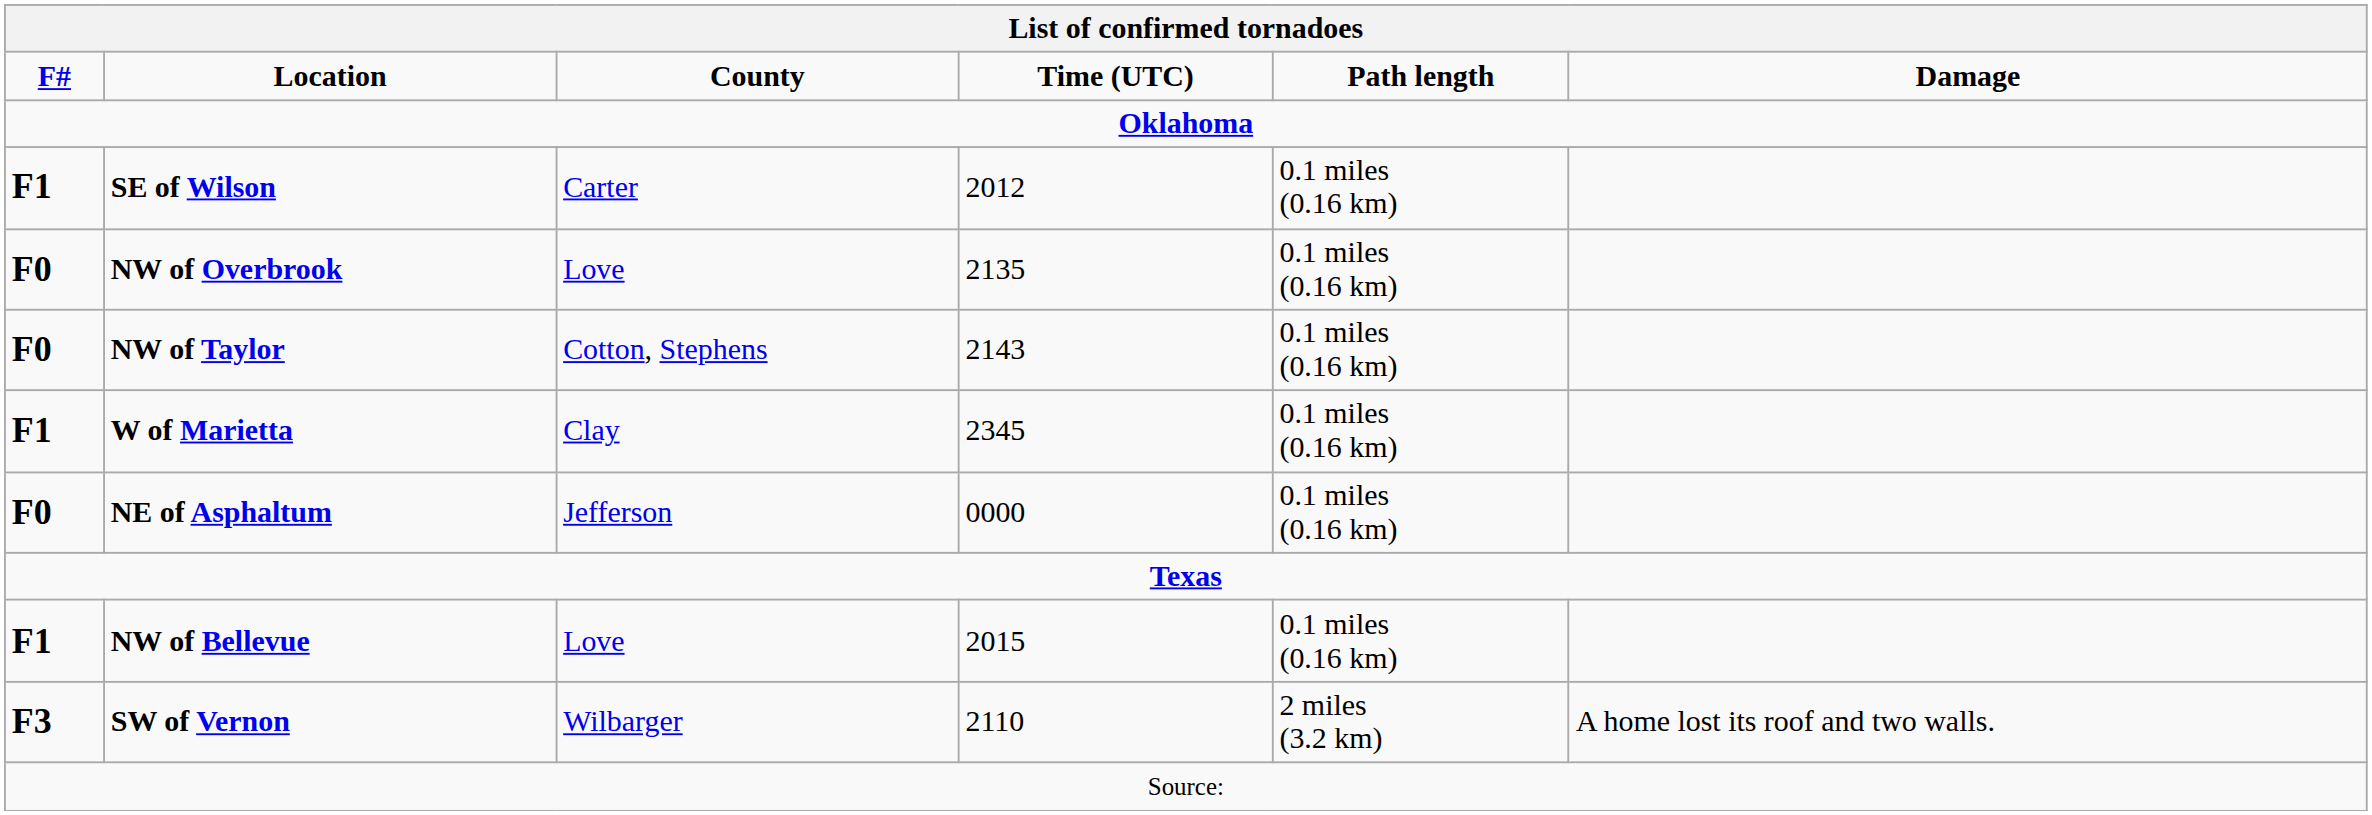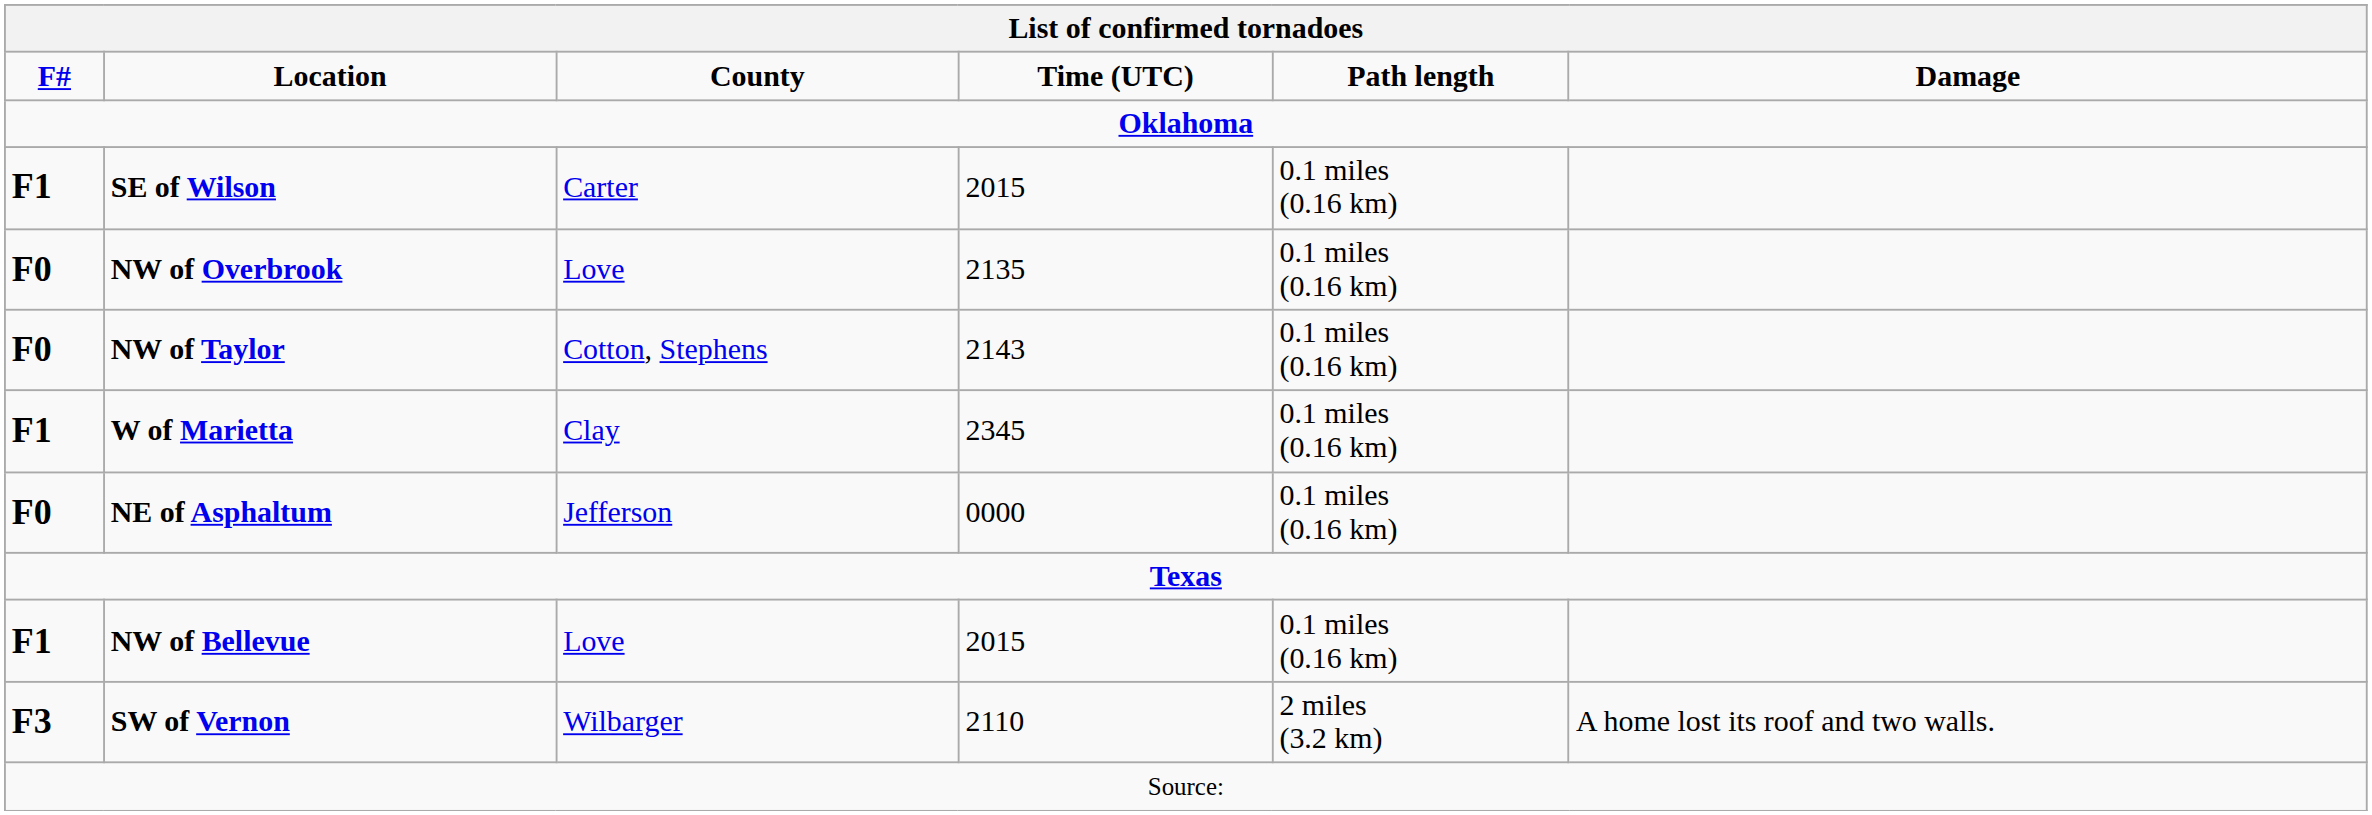 <table class="wikitable toccolours collapsible" style="width:100%;">
 <tr>
 <th colspan="6">List of confirmed tornadoes</th>
 </tr>
 <tr style="text-align:center;">
 <td><strong><a href='#'>F#</a></strong></td>
 <td><strong>Location</strong></td>
 <td><strong>County</strong></td>
 <td><strong>Time (UTC)</strong></td>
 <td><strong>Path length</strong></td>
 <td><strong>Damage</strong></td>
 </tr>
 <tr>
 <td colspan="7" style="text-align:center;"><strong><a href='#'>Oklahoma</a></strong></td>
 </tr>
 <tr>
 <td><big><strong>F1</strong></big></td>
 <td><strong>SE of <a href='#'>Wilson</a></strong></td>
 <td><a href='#'>Carter</a></td>
-<td>2012</td>
+<td>2015</td>
 <td>0.1 miles <br> (0.16 km)</td>
 <td></td>
 </tr>
 <tr>
 <td><big><strong>F0</strong></big></td>
 <td><strong>NW of <a href='#'>Overbrook</a></strong></td>
 <td><a href='#'>Love</a></td>
 <td>2135</td>
 <td>0.1 miles <br> (0.16 km)</td>
 <td></td>
 </tr>
 <tr>
 <td><big><strong>F0</strong></big></td>
 <td><strong>NW of <a href='#'>Taylor</a></strong></td>
 <td><a href='#'>Cotton</a>, <a href='#'>Stephens</a></td>
 <td>2143</td>
 <td>0.1 miles <br> (0.16 km)</td>
 <td></td>
 </tr>
 <tr>
 <td><big><strong>F1</strong></big></td>
 <td><strong>W of <a href='#'>Marietta</a></strong></td>
 <td><a href='#'>Clay</a></td>
 <td>2345</td>
 <td>0.1 miles <br> (0.16 km)</td>
 <td></td>
 </tr>
 <tr>
 <td><big><strong>F0</strong></big></td>
 <td><strong>NE of <a href='#'>Asphaltum</a></strong></td>
 <td><a href='#'>Jefferson</a></td>
 <td>0000</td>
 <td>0.1 miles <br> (0.16 km)</td>
 <td></td>
 </tr>
 <tr>
 <td colspan="7" style="text-align:center;"><strong><a href='#'>Texas</a></strong></td>
 </tr>
 <tr>
 <td><big><strong>F1</strong></big></td>
 <td><strong>NW of <a href='#'>Bellevue</a></strong></td>
 <td><a href='#'>Love</a></td>
 <td>2015</td>
 <td>0.1 miles <br> (0.16 km)</td>
 <td></td>
 </tr>
 <tr>
 <td><big><strong>F3</strong></big></td>
 <td><strong>SW of <a href='#'>Vernon</a></strong></td>
 <td><a href='#'>Wilbarger</a></td>
 <td>2110</td>
 <td>2 miles <br> (3.2 km)</td>
 <td>A home lost its roof and two walls.</td>
 </tr>
 <tr>
 <td colspan="7" style="text-align:center;"><small>Source:  </small></td>
 </tr>
 </table>
